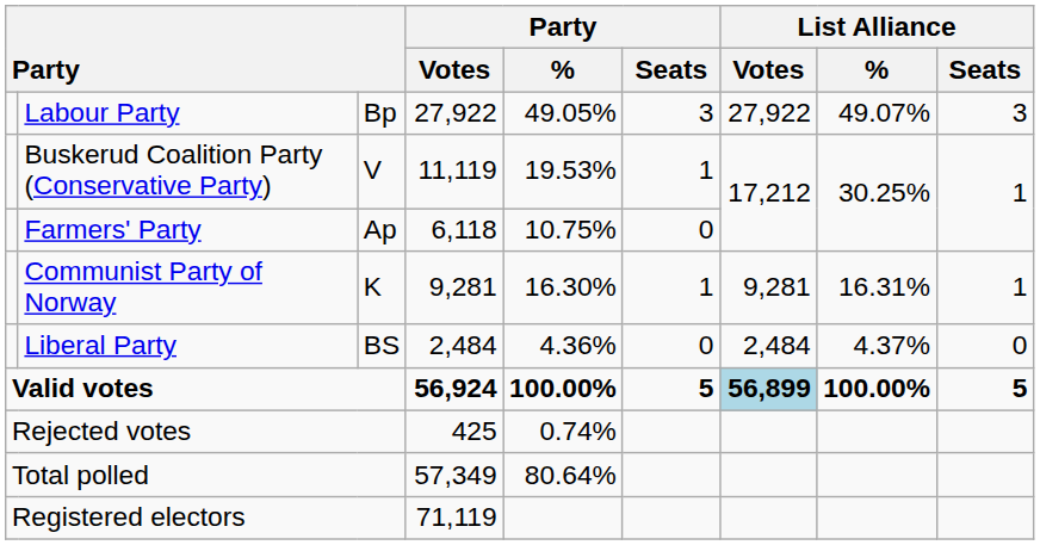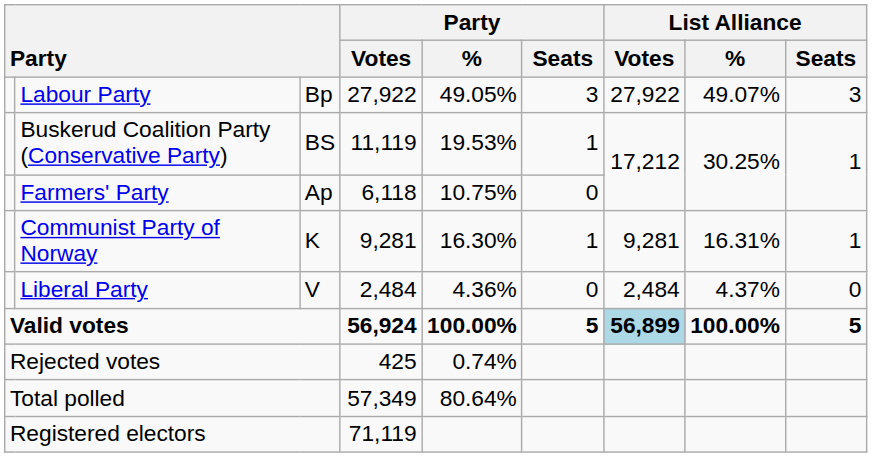 <table class="wikitable" border="1" style="text-align:right;">
 <tr>
 <th style="text-align:left;" valign=bottom rowspan=2 colspan=3>Party</th>
 <th colspan=3>Party</th>
 <th colspan=3>List Alliance</th>
 </tr>
 <tr>
 <th align=center valign=bottom width="50">Votes</th>
 <th align=center valign=bottom width="50">%</th>
 <th align=center valign=bottom width="50">Seats</th>
 <th align=center valign=bottom width="50">Votes</th>
 <th align=center valign=bottom width="50">%</th>
 <th align=center valign=bottom width="50">Seats</th>
 </tr>
 <tr>
 <td style="color:inherit;background:"></td>
 <td align=left><a href='#'>Labour Party</a></td>
 <td align=left>Bp</td>
 <td>27,922</td>
 <td>49.05%</td>
 <td>3</td>
 <td>27,922</td>
 <td>49.07%</td>
 <td>3</td>
 </tr>
 <tr>
 <td></td>
 <td align=left>Buskerud Coalition Party (<a href='#'>Conservative Party</a>)</td>
-<td align=left>V</td>
+<td align=left>BS</td>
 <td>11,119</td>
 <td>19.53%</td>
 <td>1</td>
 <td rowspan=2>17,212</td>
 <td rowspan=2>30.25%</td>
 <td rowspan=2>1</td>
 </tr>
 <tr>
 <td style="color:inherit;background:"></td>
 <td align=left><a href='#'>Farmers' Party</a></td>
 <td align=left>Ap</td>
 <td>6,118</td>
 <td>10.75%</td>
 <td>0</td>
 </tr>
 <tr>
 <td style="color:inherit;background:"></td>
 <td align=left><a href='#'>Communist Party of Norway</a></td>
 <td align=left>K</td>
 <td>9,281</td>
 <td>16.30%</td>
 <td>1</td>
 <td>9,281</td>
 <td>16.31%</td>
 <td>1</td>
 </tr>
 <tr>
 <td style="color:inherit;background:"></td>
 <td align=left><a href='#'>Liberal Party</a></td>
-<td align=left>BS</td>
+<td align=left>V</td>
 <td>2,484</td>
 <td>4.36%</td>
 <td>0</td>
 <td>2,484</td>
 <td>4.37%</td>
 <td>0</td>
 </tr>
 <tr style="font-weight:bold">
 <td align=left colspan=3>Valid votes</td>
 <td>56,924</td>
 <td>100.00%</td>
 <td>5</td>
 <td style="background: lightblue;">56,899</td>
 <td>100.00%</td>
 <td>5</td>
 </tr>
 <tr>
 <td align=left colspan=3>Rejected votes</td>
 <td>425</td>
 <td>0.74%</td>
 <td></td>
 <td></td>
 <td></td>
 <td></td>
 </tr>
 <tr>
 <td align=left colspan=3>Total polled</td>
 <td>57,349</td>
 <td>80.64%</td>
 <td></td>
 <td></td>
 <td></td>
 <td></td>
 </tr>
 <tr>
 <td align=left colspan=3>Registered electors</td>
 <td>71,119</td>
 <td></td>
 <td></td>
 <td></td>
 <td></td>
 <td></td>
 </tr>
 </table>
